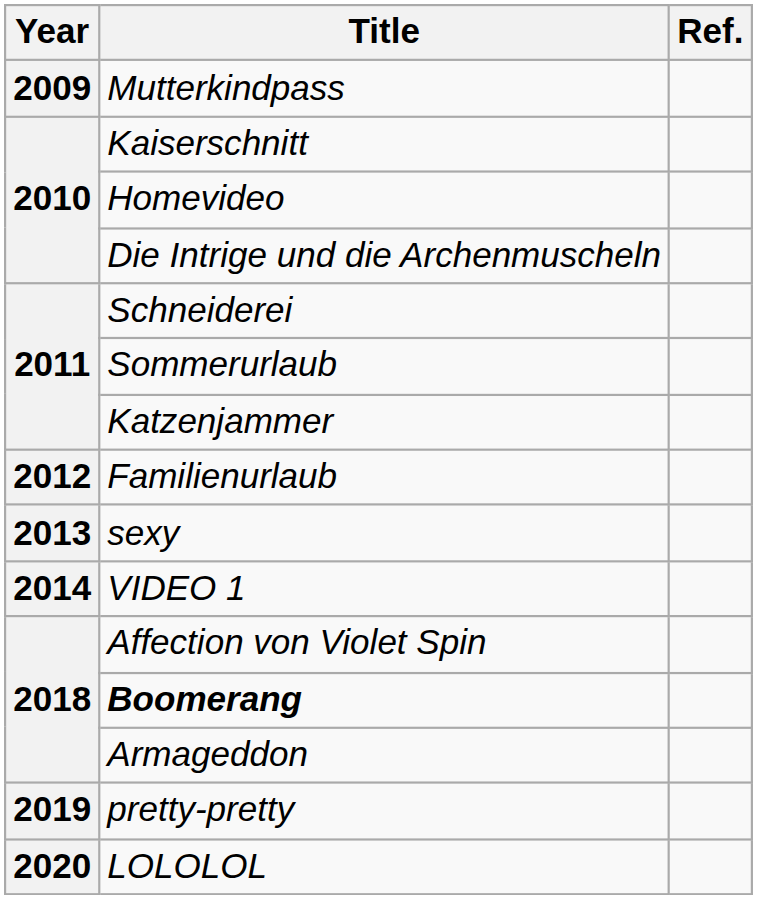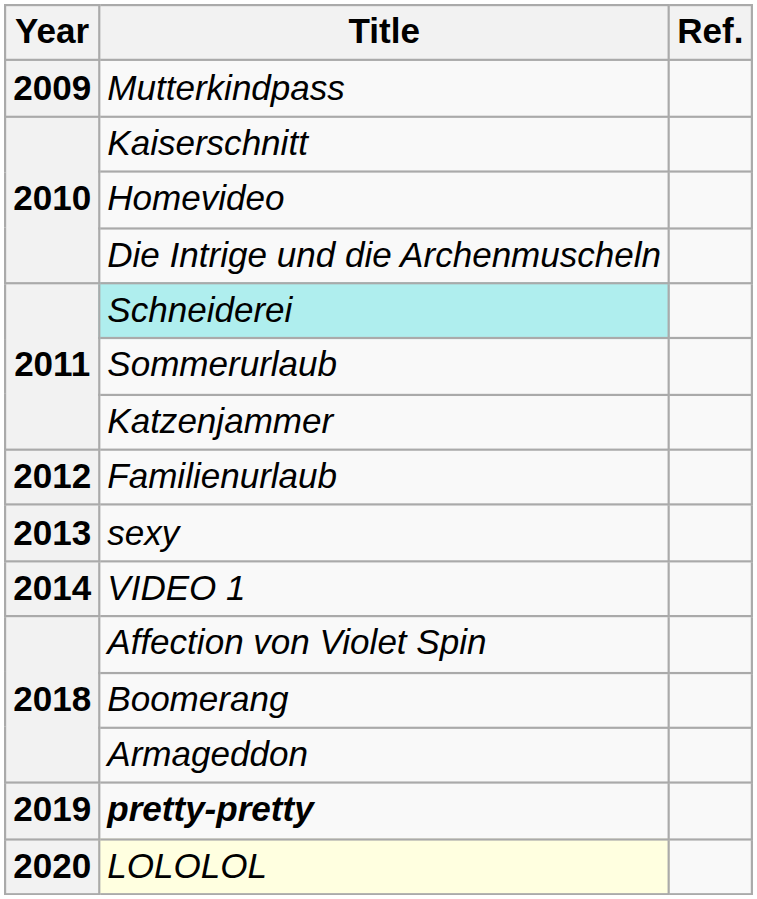 <table class="wikitable sortable plainrowheaders">
 <tr>
 <th scope="col">Year</th>
 <th scope="col">Title</th>
 <th scope="col"  class="unsortable">Ref.</th>
 </tr>
 <tr>
 <th scope="row">2009</th>
 <td><em>Mutterkindpass</em></td>
 <td align="center"></td>
 </tr>
 <tr>
 <th scope="row" rowspan="3">2010</th>
 <td><em>Kaiserschnitt</em></td>
 <td align="center"></td>
 </tr>
 <tr>
 <td><em>Homevideo</em></td>
 <td align="center"></td>
 </tr>
 <tr>
 <td><em>Die Intrige und die Archenmuscheln</em></td>
 <td align="center"></td>
 </tr>
 <tr>
 <th scope="row" rowspan="3">2011</th>
-<td><em>Schneiderei</em></td>
+<td style="background: paleturquoise;"><em>Schneiderei</em></td>
 <td align="center"></td>
 </tr>
 <tr>
 <td><em>Sommerurlaub</em></td>
 <td align="center"></td>
 </tr>
 <tr>
 <td><em>Katzenjammer</em></td>
 <td align="center"></td>
 </tr>
 <tr>
 <th scope="row">2012</th>
 <td><em>Familienurlaub</em></td>
 <td align="center"></td>
 </tr>
 <tr>
 <th scope="row">2013</th>
 <td><em>sexy</em></td>
 <td align="center"></td>
 </tr>
 <tr>
 <th scope="row">2014</th>
 <td><em>VIDEO 1</em></td>
 <td align="center"></td>
 </tr>
 <tr>
 <th scope="row" rowspan="3">2018</th>
 <td><em>Affection von Violet Spin</em></td>
 <td align="center"></td>
 </tr>
 <tr>
-<td><strong><em>Boomerang</em></strong></td>
+<td><em>Boomerang</em></td>
 <td align="center"></td>
 </tr>
 <tr>
 <td><em>Armageddon</em></td>
 <td align="center"></td>
 </tr>
 <tr>
 <th scope="row">2019</th>
-<td><em>pretty-pretty</em></td>
+<td><strong><em>pretty-pretty</em></strong></td>
 <td align="center"></td>
 </tr>
 <tr>
 <th scope="row">2020</th>
-<td><em>LOLOLOL</em></td>
+<td style="background: lightyellow;"><em>LOLOLOL</em></td>
 <td align="center"></td>
 </tr>
 </table>
